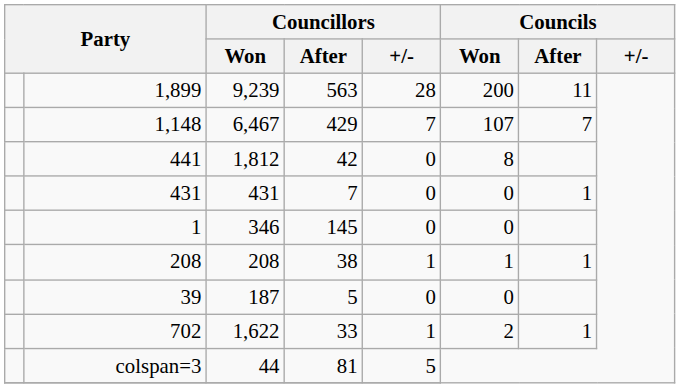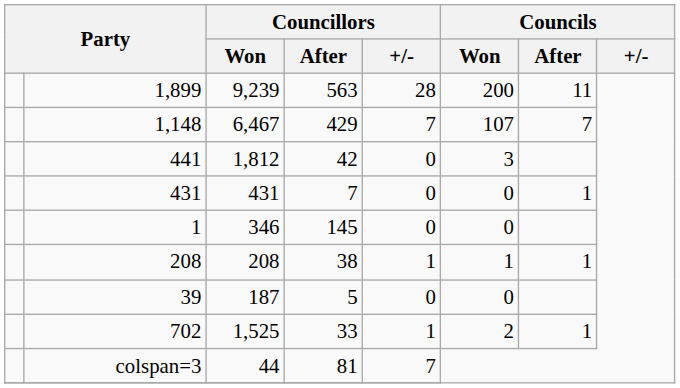 <table id="results" class="wikitable" style="text-align:right; font-size:95%;">
 <tr>
 <th colspan="2" rowspan="2" style="width:140px;">Party</th>
 <th colspan="3">Councillors</th>
 <th colspan="3">Councils</th>
 </tr>
 <tr>
 <th style="width:50px;">Won</th>
 <th style="width:50px;">After</th>
 <th style="width:50px;">+/-</th>
 <th style="width:50px;">Won</th>
 <th style="width:50px;">After</th>
 <th style="width:50px;">+/-</th>
 </tr>
 <tr>
 <td></td>
 <td>1,899</td>
 <td>9,239</td>
 <td>563</td>
 <td>28</td>
 <td>200</td>
 <td>11</td>
 </tr>
 <tr>
 <td></td>
 <td>1,148</td>
 <td>6,467</td>
 <td>429</td>
 <td>7</td>
 <td>107</td>
 <td>7</td>
 </tr>
 <tr>
 <td></td>
 <td>441</td>
 <td>1,812</td>
 <td>42</td>
 <td>0</td>
-<td>8</td>
+<td>3</td>
 <td></td>
 </tr>
 <tr>
 <td></td>
 <td>431</td>
 <td>431</td>
 <td>7</td>
 <td>0</td>
 <td>0</td>
 <td>1</td>
 </tr>
 <tr>
 <td></td>
 <td>1</td>
 <td>346</td>
 <td>145</td>
 <td>0</td>
 <td>0</td>
 <td></td>
 </tr>
 <tr>
 <td></td>
 <td>208</td>
 <td>208</td>
 <td>38</td>
 <td>1</td>
 <td>1</td>
 <td>1</td>
 </tr>
 <tr>
 <td></td>
 <td>39</td>
 <td>187</td>
 <td>5</td>
 <td>0</td>
 <td>0</td>
 <td></td>
 </tr>
 <tr>
 <td></td>
 <td>702</td>
-<td>1,622</td>
+<td>1,525</td>
 <td>33</td>
 <td>1</td>
 <td>2</td>
 <td>1</td>
 </tr>
 <tr>
 <td></td>
 <td>colspan=3 </td>
 <td>44</td>
 <td>81</td>
-<td>5</td>
+<td>7</td>
 </tr>
 <tr>
 </tr>
 </table>
